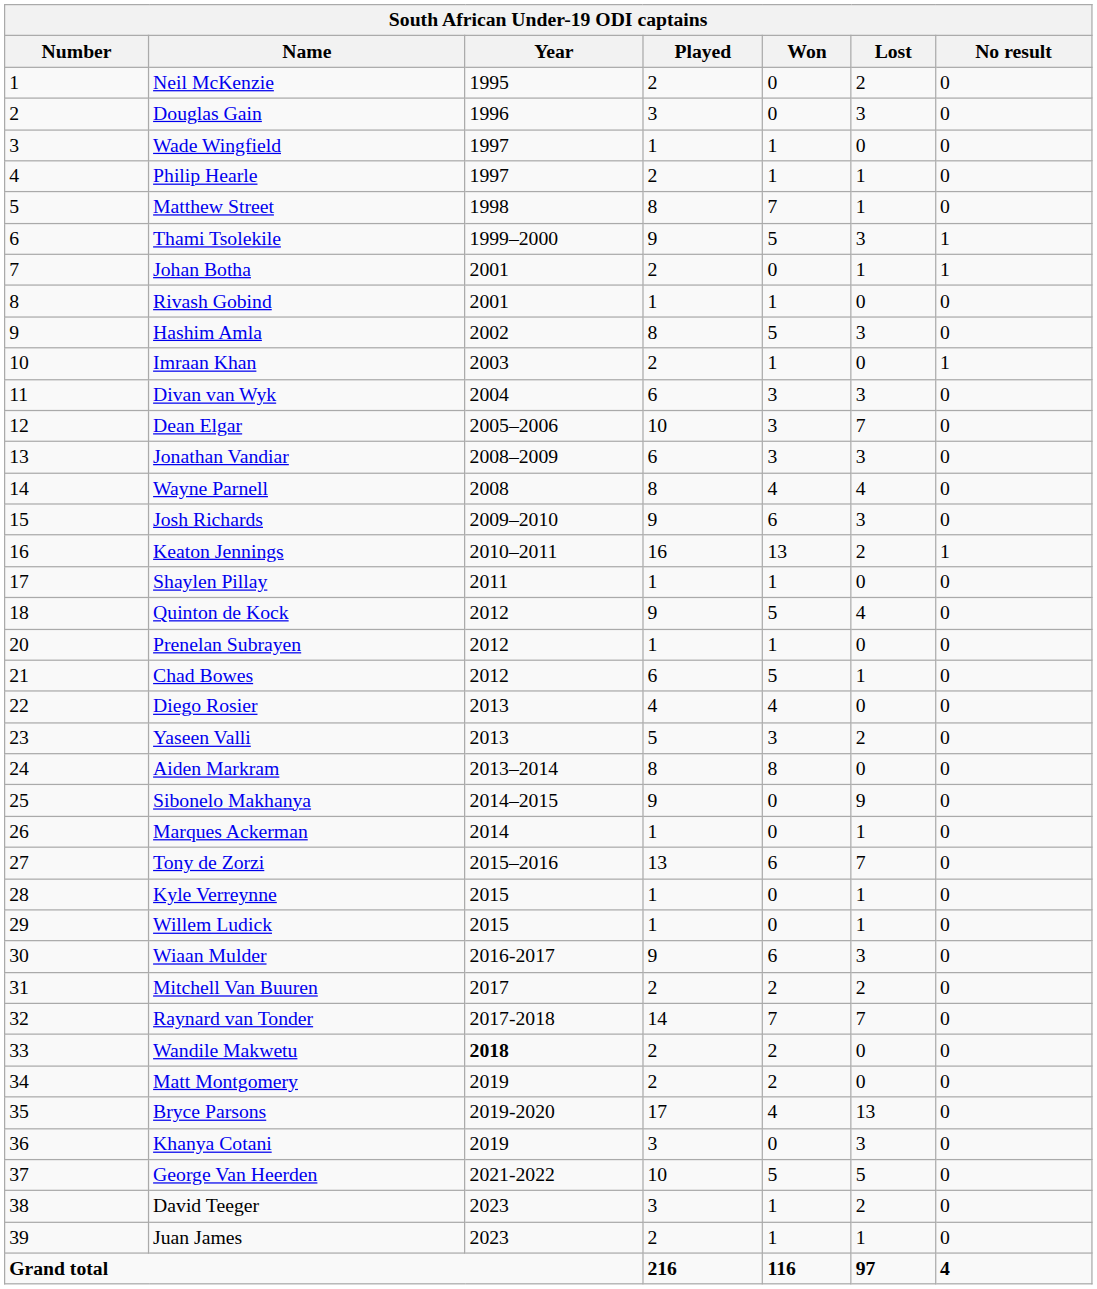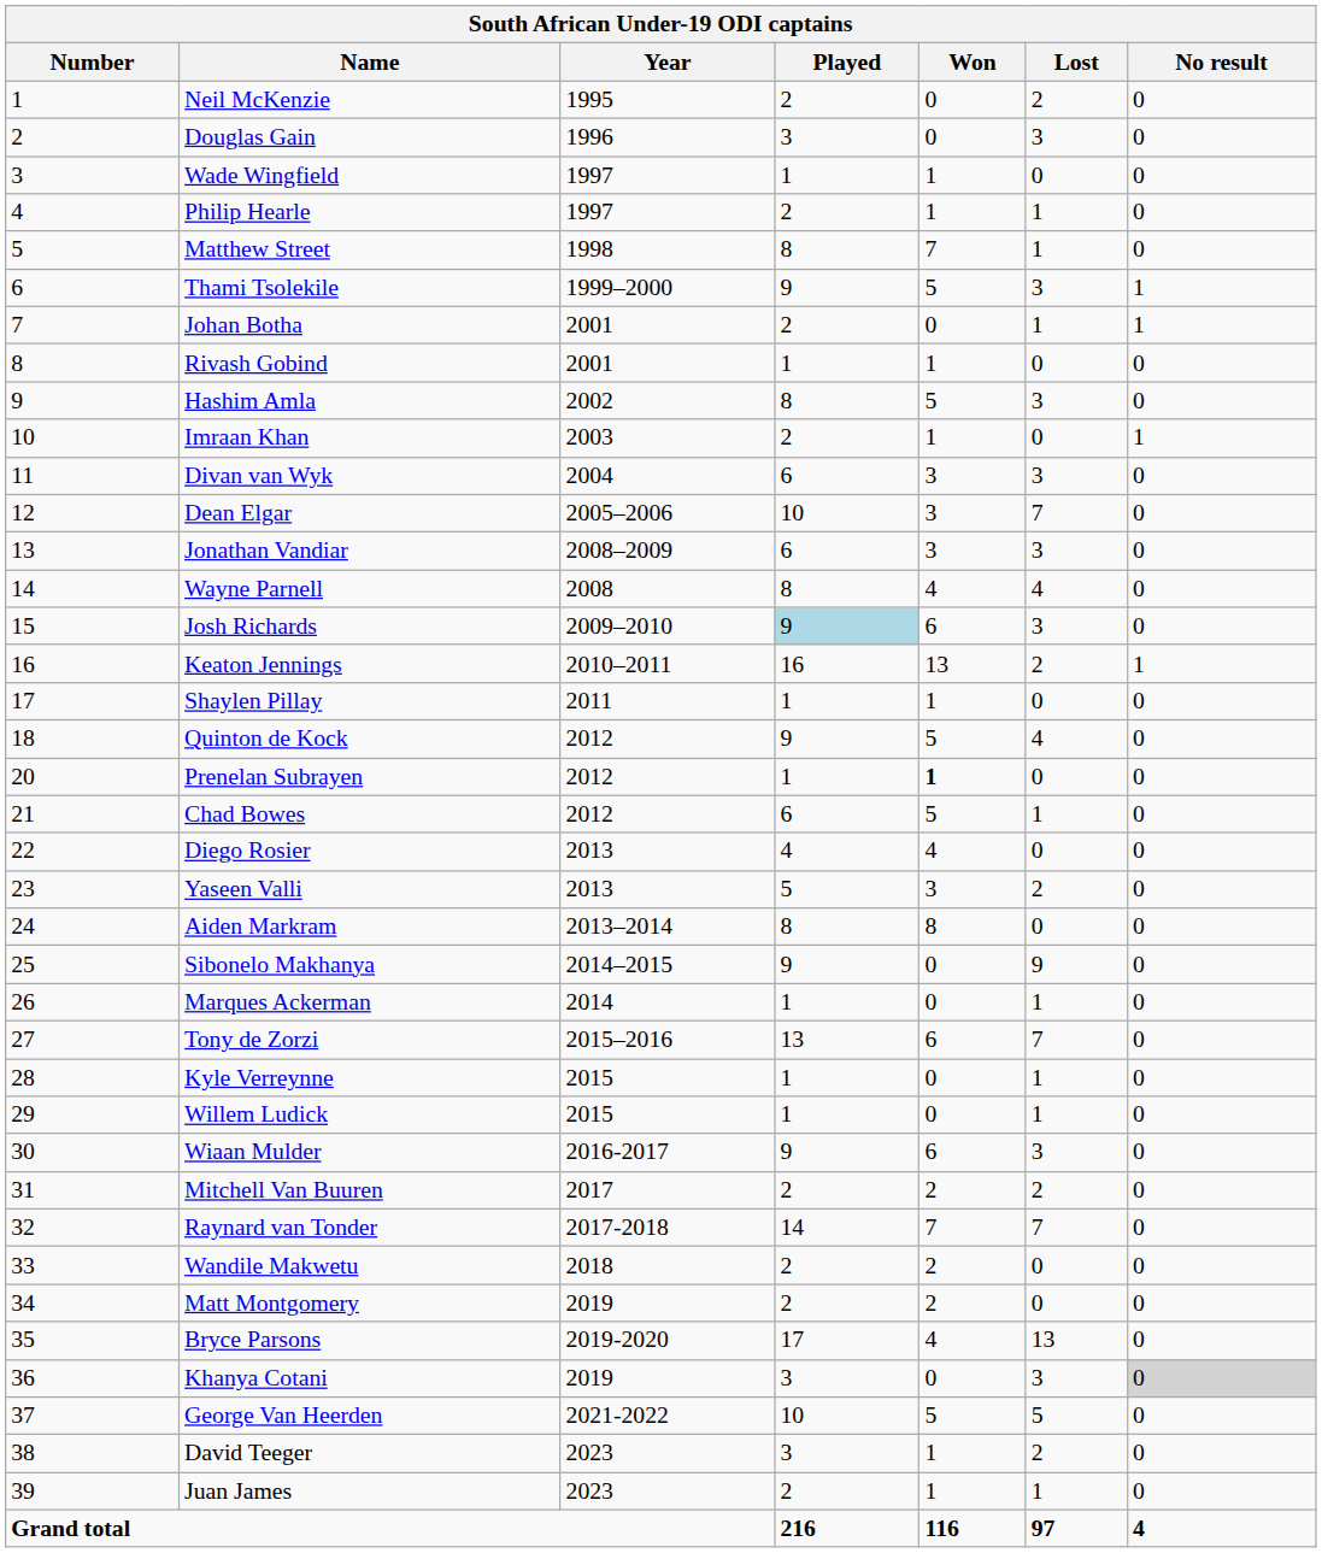 <table class="wikitable collapsible sortable" width="70%">
 <tr>
 <th bgcolor="#efefef" colspan=7>South African Under-19 ODI captains</th>
 </tr>
 <tr bgcolor="#efefef">
 <th>Number</th>
 <th>Name</th>
 <th>Year</th>
 <th>Played</th>
 <th>Won</th>
 <th>Lost</th>
 <th>No result</th>
 </tr>
 <tr>
 <td>1</td>
 <td><a href='#'>Neil McKenzie</a></td>
 <td>1995</td>
 <td>2</td>
 <td>0</td>
 <td>2</td>
 <td>0</td>
 </tr>
 <tr>
 <td>2</td>
 <td><a href='#'>Douglas Gain</a></td>
 <td>1996</td>
 <td>3</td>
 <td>0</td>
 <td>3</td>
 <td>0</td>
 </tr>
 <tr>
 <td>3</td>
 <td><a href='#'>Wade Wingfield</a></td>
 <td>1997</td>
 <td>1</td>
 <td>1</td>
 <td>0</td>
 <td>0</td>
 </tr>
 <tr>
 <td>4</td>
 <td><a href='#'>Philip Hearle</a></td>
 <td>1997</td>
 <td>2</td>
 <td>1</td>
 <td>1</td>
 <td>0</td>
 </tr>
 <tr>
 <td>5</td>
 <td><a href='#'>Matthew Street</a></td>
 <td>1998</td>
 <td>8</td>
 <td>7</td>
 <td>1</td>
 <td>0</td>
 </tr>
 <tr>
 <td>6</td>
 <td><a href='#'>Thami Tsolekile</a></td>
 <td>1999–2000</td>
 <td>9</td>
 <td>5</td>
 <td>3</td>
 <td>1</td>
 </tr>
 <tr>
 <td>7</td>
 <td><a href='#'>Johan Botha</a></td>
 <td>2001</td>
 <td>2</td>
 <td>0</td>
 <td>1</td>
 <td>1</td>
 </tr>
 <tr>
 <td>8</td>
 <td><a href='#'>Rivash Gobind</a></td>
 <td>2001</td>
 <td>1</td>
 <td>1</td>
 <td>0</td>
 <td>0</td>
 </tr>
 <tr>
 <td>9</td>
 <td><a href='#'>Hashim Amla</a></td>
 <td>2002</td>
 <td>8</td>
 <td>5</td>
 <td>3</td>
 <td>0</td>
 </tr>
 <tr>
 <td>10</td>
 <td><a href='#'>Imraan Khan</a></td>
 <td>2003</td>
 <td>2</td>
 <td>1</td>
 <td>0</td>
 <td>1</td>
 </tr>
 <tr>
 <td>11</td>
 <td><a href='#'>Divan van Wyk</a></td>
 <td>2004</td>
 <td>6</td>
 <td>3</td>
 <td>3</td>
 <td>0</td>
 </tr>
 <tr>
 <td>12</td>
 <td><a href='#'>Dean Elgar</a></td>
 <td>2005–2006</td>
 <td>10</td>
 <td>3</td>
 <td>7</td>
 <td>0</td>
 </tr>
 <tr>
 <td>13</td>
 <td><a href='#'>Jonathan Vandiar</a></td>
 <td>2008–2009</td>
 <td>6</td>
 <td>3</td>
 <td>3</td>
 <td>0</td>
 </tr>
 <tr>
 <td>14</td>
 <td><a href='#'>Wayne Parnell</a></td>
 <td>2008</td>
 <td>8</td>
 <td>4</td>
 <td>4</td>
 <td>0</td>
 </tr>
 <tr>
 <td>15</td>
 <td><a href='#'>Josh Richards</a></td>
 <td>2009–2010</td>
-<td>9</td>
+<td style="background: lightblue;">9</td>
 <td>6</td>
 <td>3</td>
 <td>0</td>
 </tr>
 <tr>
 <td>16</td>
 <td><a href='#'>Keaton Jennings</a></td>
 <td>2010–2011</td>
 <td>16</td>
 <td>13</td>
 <td>2</td>
 <td>1</td>
 </tr>
 <tr>
 <td>17</td>
 <td><a href='#'>Shaylen Pillay</a></td>
 <td>2011</td>
 <td>1</td>
 <td>1</td>
 <td>0</td>
 <td>0</td>
 </tr>
 <tr>
 <td>18</td>
 <td><a href='#'>Quinton de Kock</a></td>
 <td>2012</td>
 <td>9</td>
 <td>5</td>
 <td>4</td>
 <td>0</td>
 </tr>
 <tr>
 <td>20</td>
 <td><a href='#'>Prenelan Subrayen</a></td>
 <td>2012</td>
 <td>1</td>
-<td>1</td>
+<td><strong>1</strong></td>
 <td>0</td>
 <td>0</td>
 </tr>
 <tr>
 <td>21</td>
 <td><a href='#'>Chad Bowes</a></td>
 <td>2012</td>
 <td>6</td>
 <td>5</td>
 <td>1</td>
 <td>0</td>
 </tr>
 <tr>
 <td>22</td>
 <td><a href='#'>Diego Rosier</a></td>
 <td>2013</td>
 <td>4</td>
 <td>4</td>
 <td>0</td>
 <td>0</td>
 </tr>
 <tr>
 <td>23</td>
 <td><a href='#'>Yaseen Valli</a></td>
 <td>2013</td>
 <td>5</td>
 <td>3</td>
 <td>2</td>
 <td>0</td>
 </tr>
 <tr>
 <td>24</td>
 <td><a href='#'>Aiden Markram</a></td>
 <td>2013–2014</td>
 <td>8</td>
 <td>8</td>
 <td>0</td>
 <td>0</td>
 </tr>
 <tr>
 <td>25</td>
 <td><a href='#'>Sibonelo Makhanya</a></td>
 <td>2014–2015</td>
 <td>9</td>
 <td>0</td>
 <td>9</td>
 <td>0</td>
 </tr>
 <tr>
 <td>26</td>
 <td><a href='#'>Marques Ackerman</a></td>
 <td>2014</td>
 <td>1</td>
 <td>0</td>
 <td>1</td>
 <td>0</td>
 </tr>
 <tr>
 <td>27</td>
 <td><a href='#'>Tony de Zorzi</a></td>
 <td>2015–2016</td>
 <td>13</td>
 <td>6</td>
 <td>7</td>
 <td>0</td>
 </tr>
 <tr>
 <td>28</td>
 <td><a href='#'>Kyle Verreynne</a></td>
 <td>2015</td>
 <td>1</td>
 <td>0</td>
 <td>1</td>
 <td>0</td>
 </tr>
 <tr>
 <td>29</td>
 <td><a href='#'>Willem Ludick</a></td>
 <td>2015</td>
 <td>1</td>
 <td>0</td>
 <td>1</td>
 <td>0</td>
 </tr>
 <tr>
 <td>30</td>
 <td><a href='#'>Wiaan Mulder</a></td>
 <td>2016-2017</td>
 <td>9</td>
 <td>6</td>
 <td>3</td>
 <td>0</td>
 </tr>
 <tr>
 <td>31</td>
 <td><a href='#'>Mitchell Van Buuren</a></td>
 <td>2017</td>
 <td>2</td>
 <td>2</td>
 <td>2</td>
 <td>0</td>
 </tr>
 <tr>
 <td>32</td>
 <td><a href='#'>Raynard van Tonder</a></td>
 <td>2017-2018</td>
 <td>14</td>
 <td>7</td>
 <td>7</td>
 <td>0</td>
 </tr>
 <tr>
 <td>33</td>
 <td><a href='#'>Wandile Makwetu</a></td>
-<td><strong>2018</strong></td>
+<td>2018</td>
 <td>2</td>
 <td>2</td>
 <td>0</td>
 <td>0</td>
 </tr>
 <tr>
 <td>34</td>
 <td><a href='#'>Matt Montgomery</a></td>
 <td>2019</td>
 <td>2</td>
 <td>2</td>
 <td>0</td>
 <td>0</td>
 </tr>
 <tr>
 <td>35</td>
 <td><a href='#'>Bryce Parsons</a></td>
 <td>2019-2020</td>
 <td>17</td>
 <td>4</td>
 <td>13</td>
 <td>0</td>
 </tr>
 <tr>
 <td>36</td>
 <td><a href='#'>Khanya Cotani</a></td>
 <td>2019</td>
 <td>3</td>
 <td>0</td>
 <td>3</td>
-<td>0</td>
+<td style="background: lightgrey;">0</td>
 </tr>
 <tr>
 <td>37</td>
 <td><a href='#'>George Van Heerden</a></td>
 <td>2021-2022</td>
 <td>10</td>
 <td>5</td>
 <td>5</td>
 <td>0</td>
 </tr>
 <tr>
 <td>38</td>
 <td>David Teeger</td>
 <td>2023</td>
 <td>3</td>
 <td>1</td>
 <td>2</td>
 <td>0</td>
 </tr>
 <tr>
 <td>39</td>
 <td>Juan James</td>
 <td>2023</td>
 <td>2</td>
 <td>1</td>
 <td>1</td>
 <td>0</td>
 </tr>
 <tr>
 <td colspan="3"><strong>Grand total</strong></td>
 <td><strong>216</strong></td>
 <td><strong>116</strong></td>
 <td><strong>97</strong></td>
 <td><strong>4</strong></td>
 </tr>
 </table>
